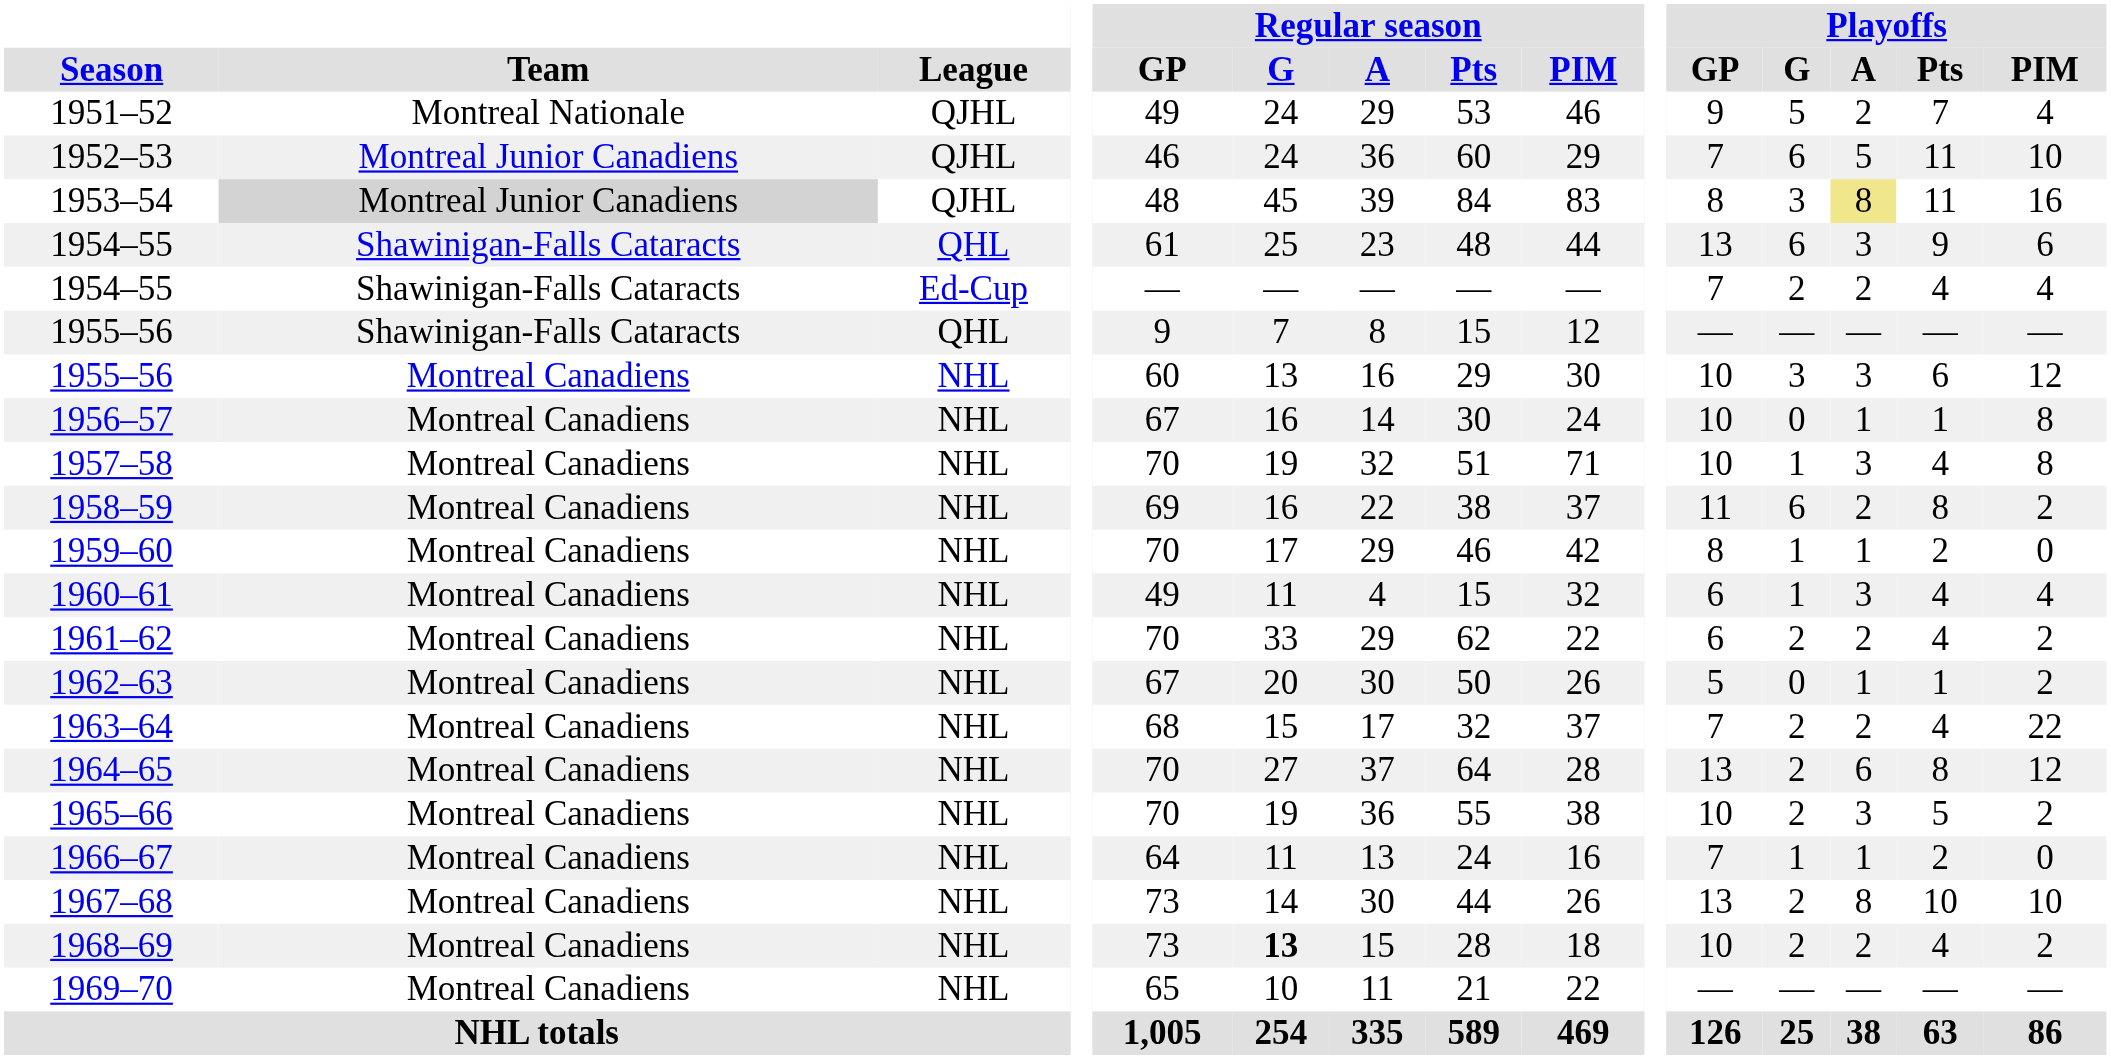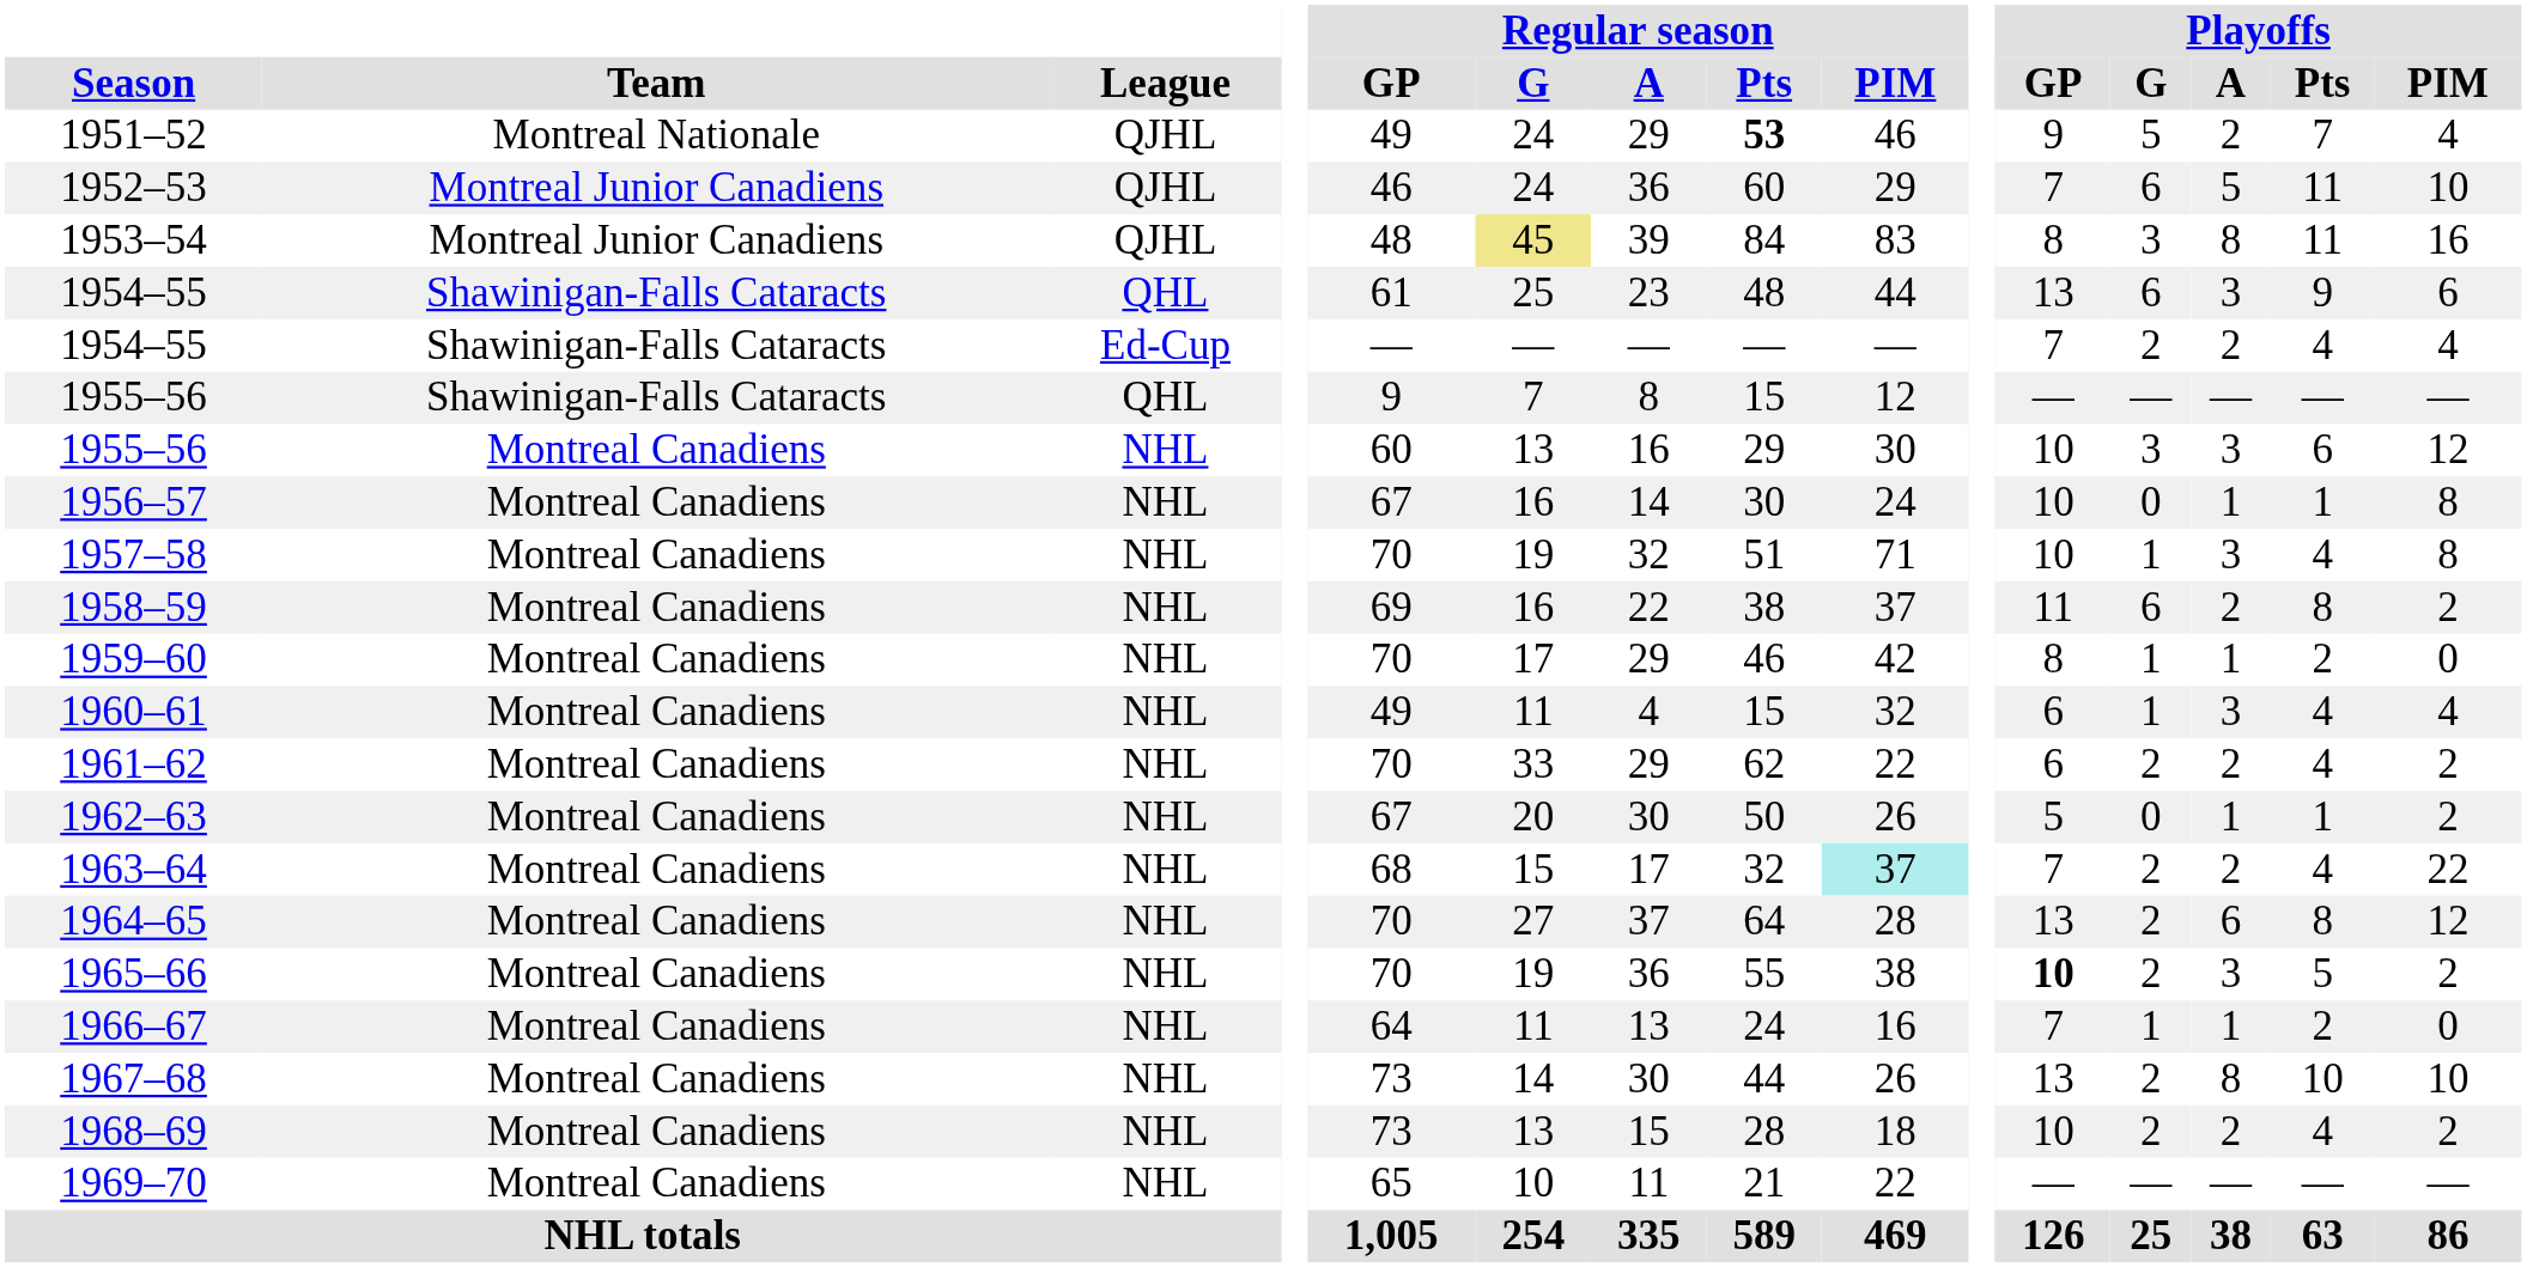 <table border="0" cellpadding="1" cellspacing="0" style="text-align:center; width:60em;">
 <tr style="background:#e0e0e0;">
 <th colspan="3"  bgcolor="#ffffff"> </th>
 <th rowspan="99" bgcolor="#ffffff"> </th>
 <th colspan="5"><a href='#'>Regular season</a></th>
 <th rowspan="99" bgcolor="#ffffff"> </th>
 <th colspan="5"><a href='#'>Playoffs</a></th>
 </tr>
 <tr style="background:#e0e0e0;">
 <th><a href='#'>Season</a></th>
 <th>Team</th>
 <th>League</th>
 <th>GP</th>
 <th><a href='#'>G</a></th>
 <th><a href='#'>A</a></th>
 <th><a href='#'>Pts</a></th>
 <th><a href='#'>PIM</a></th>
 <th>GP</th>
 <th>G</th>
 <th>A</th>
 <th>Pts</th>
 <th>PIM</th>
 </tr>
 <tr>
 <td>1951–52</td>
 <td>Montreal Nationale</td>
 <td>QJHL</td>
 <td>49</td>
 <td>24</td>
 <td>29</td>
-<td>53</td>
+<td><strong>53</strong></td>
 <td>46</td>
 <td>9</td>
 <td>5</td>
 <td>2</td>
 <td>7</td>
 <td>4</td>
 </tr>
 <tr style="background:#f0f0f0;">
 <td>1952–53</td>
 <td><a href='#'>Montreal Junior Canadiens</a></td>
 <td>QJHL</td>
 <td>46</td>
 <td>24</td>
 <td>36</td>
 <td>60</td>
 <td>29</td>
 <td>7</td>
 <td>6</td>
 <td>5</td>
 <td>11</td>
 <td>10</td>
 </tr>
 <tr>
 <td>1953–54</td>
-<td style="background: lightgrey;">Montreal Junior Canadiens</td>
+<td>Montreal Junior Canadiens</td>
 <td>QJHL</td>
 <td>48</td>
-<td>45</td>
+<td style="background: khaki;">45</td>
 <td>39</td>
 <td>84</td>
 <td>83</td>
 <td>8</td>
 <td>3</td>
-<td style="background: khaki;">8</td>
+<td>8</td>
 <td>11</td>
 <td>16</td>
 </tr>
 <tr style="background:#f0f0f0;">
 <td>1954–55</td>
 <td><a href='#'>Shawinigan-Falls Cataracts</a></td>
 <td><a href='#'>QHL</a></td>
 <td>61</td>
 <td>25</td>
 <td>23</td>
 <td>48</td>
 <td>44</td>
 <td>13</td>
 <td>6</td>
 <td>3</td>
 <td>9</td>
 <td>6</td>
 </tr>
 <tr>
 <td>1954–55</td>
 <td>Shawinigan-Falls Cataracts</td>
 <td><a href='#'>Ed-Cup</a></td>
 <td>—</td>
 <td>—</td>
 <td>—</td>
 <td>—</td>
 <td>—</td>
 <td>7</td>
 <td>2</td>
 <td>2</td>
 <td>4</td>
 <td>4</td>
 </tr>
 <tr style="background:#f0f0f0;">
 <td>1955–56</td>
 <td>Shawinigan-Falls Cataracts</td>
 <td>QHL</td>
 <td>9</td>
 <td>7</td>
 <td>8</td>
 <td>15</td>
 <td>12</td>
 <td>—</td>
 <td>—</td>
 <td>—</td>
 <td>—</td>
 <td>—</td>
 </tr>
 <tr>
 <td><a href='#'>1955–56</a></td>
 <td><a href='#'>Montreal Canadiens</a></td>
 <td><a href='#'>NHL</a></td>
 <td>60</td>
 <td>13</td>
 <td>16</td>
 <td>29</td>
 <td>30</td>
 <td>10</td>
 <td>3</td>
 <td>3</td>
 <td>6</td>
 <td>12</td>
 </tr>
 <tr style="background:#f0f0f0;">
 <td><a href='#'>1956–57</a></td>
 <td>Montreal Canadiens</td>
 <td>NHL</td>
 <td>67</td>
 <td>16</td>
 <td>14</td>
 <td>30</td>
 <td>24</td>
 <td>10</td>
 <td>0</td>
 <td>1</td>
 <td>1</td>
 <td>8</td>
 </tr>
 <tr>
 <td><a href='#'>1957–58</a></td>
 <td>Montreal Canadiens</td>
 <td>NHL</td>
 <td>70</td>
 <td>19</td>
 <td>32</td>
 <td>51</td>
 <td>71</td>
 <td>10</td>
 <td>1</td>
 <td>3</td>
 <td>4</td>
 <td>8</td>
 </tr>
 <tr style="background:#f0f0f0;">
 <td><a href='#'>1958–59</a></td>
 <td>Montreal Canadiens</td>
 <td>NHL</td>
 <td>69</td>
 <td>16</td>
 <td>22</td>
 <td>38</td>
 <td>37</td>
 <td>11</td>
 <td>6</td>
 <td>2</td>
 <td>8</td>
 <td>2</td>
 </tr>
 <tr>
 <td><a href='#'>1959–60</a></td>
 <td>Montreal Canadiens</td>
 <td>NHL</td>
 <td>70</td>
 <td>17</td>
 <td>29</td>
 <td>46</td>
 <td>42</td>
 <td>8</td>
 <td>1</td>
 <td>1</td>
 <td>2</td>
 <td>0</td>
 </tr>
 <tr style="background:#f0f0f0;">
 <td><a href='#'>1960–61</a></td>
 <td>Montreal Canadiens</td>
 <td>NHL</td>
 <td>49</td>
 <td>11</td>
 <td>4</td>
 <td>15</td>
 <td>32</td>
 <td>6</td>
 <td>1</td>
 <td>3</td>
 <td>4</td>
 <td>4</td>
 </tr>
 <tr>
 <td><a href='#'>1961–62</a></td>
 <td>Montreal Canadiens</td>
 <td>NHL</td>
 <td>70</td>
 <td>33</td>
 <td>29</td>
 <td>62</td>
 <td>22</td>
 <td>6</td>
 <td>2</td>
 <td>2</td>
 <td>4</td>
 <td>2</td>
 </tr>
 <tr style="background:#f0f0f0;">
 <td><a href='#'>1962–63</a></td>
 <td>Montreal Canadiens</td>
 <td>NHL</td>
 <td>67</td>
 <td>20</td>
 <td>30</td>
 <td>50</td>
 <td>26</td>
 <td>5</td>
 <td>0</td>
 <td>1</td>
 <td>1</td>
 <td>2</td>
 </tr>
 <tr>
 <td><a href='#'>1963–64</a></td>
 <td>Montreal Canadiens</td>
 <td>NHL</td>
 <td>68</td>
 <td>15</td>
 <td>17</td>
 <td>32</td>
-<td>37</td>
+<td style="background: paleturquoise;">37</td>
 <td>7</td>
 <td>2</td>
 <td>2</td>
 <td>4</td>
 <td>22</td>
 </tr>
 <tr style="background:#f0f0f0;">
 <td><a href='#'>1964–65</a></td>
 <td>Montreal Canadiens</td>
 <td>NHL</td>
 <td>70</td>
 <td>27</td>
 <td>37</td>
 <td>64</td>
 <td>28</td>
 <td>13</td>
 <td>2</td>
 <td>6</td>
 <td>8</td>
 <td>12</td>
 </tr>
 <tr>
 <td><a href='#'>1965–66</a></td>
 <td>Montreal Canadiens</td>
 <td>NHL</td>
 <td>70</td>
 <td>19</td>
 <td>36</td>
 <td>55</td>
 <td>38</td>
-<td>10</td>
+<td><strong>10</strong></td>
 <td>2</td>
 <td>3</td>
 <td>5</td>
 <td>2</td>
 </tr>
 <tr style="background:#f0f0f0;">
 <td><a href='#'>1966–67</a></td>
 <td>Montreal Canadiens</td>
 <td>NHL</td>
 <td>64</td>
 <td>11</td>
 <td>13</td>
 <td>24</td>
 <td>16</td>
 <td>7</td>
 <td>1</td>
 <td>1</td>
 <td>2</td>
 <td>0</td>
 </tr>
 <tr>
 <td><a href='#'>1967–68</a></td>
 <td>Montreal Canadiens</td>
 <td>NHL</td>
 <td>73</td>
 <td>14</td>
 <td>30</td>
 <td>44</td>
 <td>26</td>
 <td>13</td>
 <td>2</td>
 <td>8</td>
 <td>10</td>
 <td>10</td>
 </tr>
 <tr style="background:#f0f0f0;">
 <td><a href='#'>1968–69</a></td>
 <td>Montreal Canadiens</td>
 <td>NHL</td>
 <td>73</td>
-<td><strong>13</strong></td>
+<td>13</td>
 <td>15</td>
 <td>28</td>
 <td>18</td>
 <td>10</td>
 <td>2</td>
 <td>2</td>
 <td>4</td>
 <td>2</td>
 </tr>
 <tr>
 <td><a href='#'>1969–70</a></td>
 <td>Montreal Canadiens</td>
 <td>NHL</td>
 <td>65</td>
 <td>10</td>
 <td>11</td>
 <td>21</td>
 <td>22</td>
 <td>—</td>
 <td>—</td>
 <td>—</td>
 <td>—</td>
 <td>—</td>
 </tr>
 <tr style="background:#e0e0e0;">
 <th colspan="3">NHL totals</th>
 <th>1,005</th>
 <th>254</th>
 <th>335</th>
 <th>589</th>
 <th>469</th>
 <th>126</th>
 <th>25</th>
 <th>38</th>
 <th>63</th>
 <th>86</th>
 </tr>
 </table>
